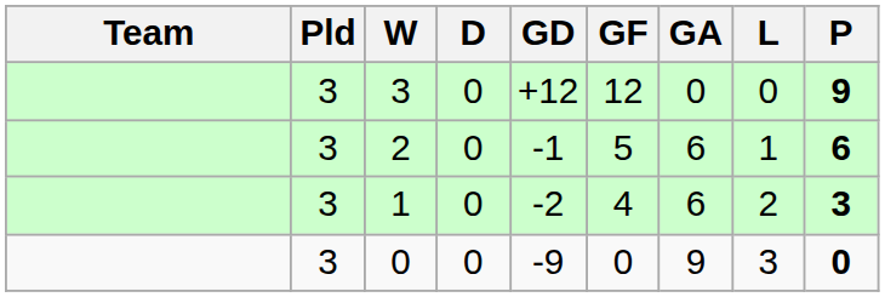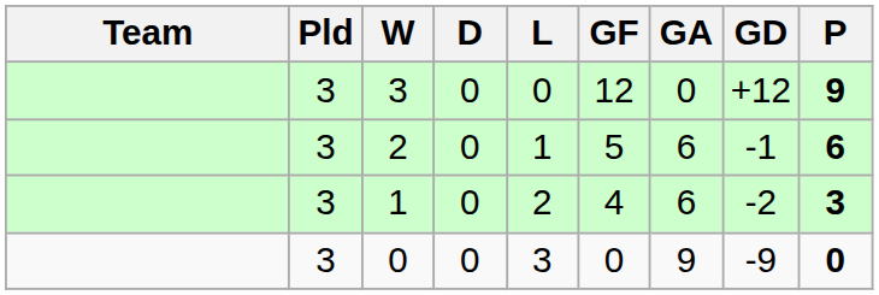 <table class="wikitable">
 <tr>
 <th width=120>Team</th>
 <th width=25>Pld</th>
 <th width=25>W</th>
 <th width=25>D</th>
-<th width=25>GD</th>
+<th width=25>L</th>
 <th width=25>GF</th>
 <th width=25>GA</th>
-<th width=25>L</th>
+<th width=25>GD</th>
 <th width=25>P</th>
 </tr>
 <tr align=center bgcolor=#ccffcc>
 <td align=left></td>
 <td>3</td>
 <td>3</td>
 <td>0</td>
-<td>+12</td>
+<td>0</td>
 <td>12</td>
 <td>0</td>
-<td>0</td>
+<td>+12</td>
 <td><strong>9</strong></td>
 </tr>
 <tr align=center bgcolor=#ccffcc>
 <td align=left></td>
 <td>3</td>
 <td>2</td>
 <td>0</td>
-<td>-1</td>
+<td>1</td>
 <td>5</td>
 <td>6</td>
-<td>1</td>
+<td>-1</td>
 <td><strong>6</strong></td>
 </tr>
 <tr align=center bgcolor=#ccffcc>
 <td align=left></td>
 <td>3</td>
 <td>1</td>
 <td>0</td>
-<td>-2</td>
+<td>2</td>
 <td>4</td>
 <td>6</td>
-<td>2</td>
+<td>-2</td>
 <td><strong>3</strong></td>
 </tr>
 <tr align=center>
 <td align=left></td>
 <td>3</td>
 <td>0</td>
 <td>0</td>
-<td>-9</td>
+<td>3</td>
 <td>0</td>
 <td>9</td>
-<td>3</td>
+<td>-9</td>
 <td><strong>0</strong></td>
 </tr>
 </table>
